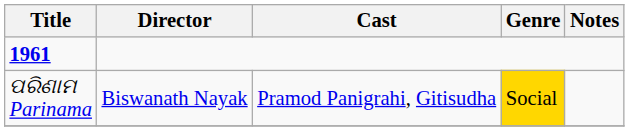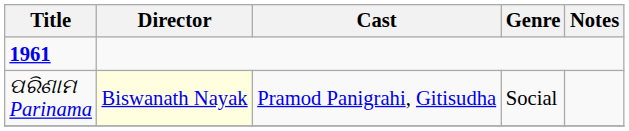 <table class="wikitable">
 <tr>
 <th>Title</th>
 <th>Director</th>
 <th>Cast</th>
 <th>Genre</th>
 <th>Notes</th>
 </tr>
 <tr>
 <td><strong><a href='#'>1961</a></strong></td>
 </tr>
 <tr>
 <td><em>ପରିଣାମ<br><a href='#'>Parinama</a></em></td>
-<td><a href='#'>Biswanath Nayak</a></td>
+<td style="background: lightyellow;"><a href='#'>Biswanath Nayak</a></td>
 <td><a href='#'>Pramod Panigrahi</a>, <a href='#'>Gitisudha</a></td>
-<td style="background: gold;">Social</td>
+<td>Social</td>
 <td></td>
 </tr>
 <tr>
 </tr>
 </table>
